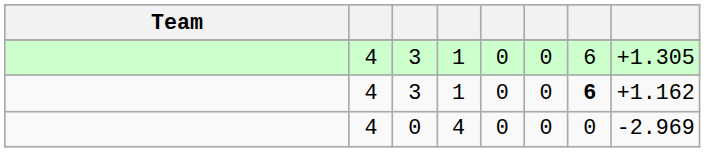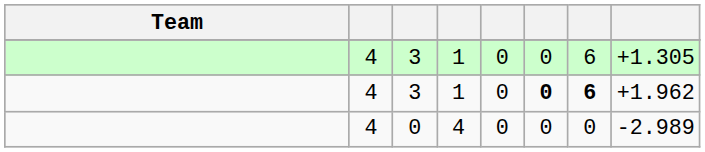 <table class="wikitable" style="text-align:center">
 <tr>
 <th width=200>Team</th>
 <th width=20></th>
 <th width=20></th>
 <th width=20></th>
 <th width=20></th>
 <th width=20></th>
 <th width=20></th>
 <th width=45></th>
 </tr>
 <tr>
 </tr>
 <tr style="background:#cfc">
 <td align="left"></td>
 <td>4</td>
 <td>3</td>
 <td>1</td>
 <td>0</td>
 <td>0</td>
 <td>6</td>
 <td>+1.305</td>
 </tr>
 <tr>
 <td align="left"></td>
 <td>4</td>
 <td>3</td>
 <td>1</td>
 <td>0</td>
-<td>0</td>
+<td><strong>0</strong></td>
 <td><strong>6</strong></td>
-<td>+1.162</td>
+<td>+1.962</td>
 </tr>
 <tr>
 <td align="left"></td>
 <td>4</td>
 <td>0</td>
 <td>4</td>
 <td>0</td>
 <td>0</td>
 <td>0</td>
-<td>-2.969</td>
+<td>-2.989</td>
 </tr>
 </table>
